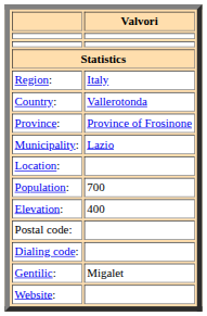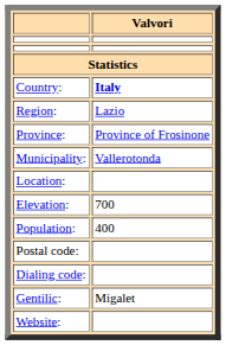 <table border="7" cellpadding="3" cellspacing="3"  bgcolor="#FFDEAD" style="float:right; margin-left:15px">
 <tr>
 <th></th>
 <th>Valvori</th>
 </tr>
 <tr --- bgcolor="#FFFFFF">
 <td align="center"></td>
 <th></th>
 </tr>
 <tr --- bgcolor="#FFFFFF">
 <th align="center"></th>
 <th align="center"></th>
 </tr>
 <tr>
 <th colspan="2">Statistics</th>
 </tr>
 <tr --- bgcolor="#FFFFFF">
-<td><a href='#'>Region</a>:</td>
-<td> <a href='#'>Italy</a></td>
+<td><a href='#'>Country</a>:</td>
+<td><strong> <a href='#'>Italy</a></strong></td>
 </tr>
 <tr --- bgcolor="#FFFFFF">
-<td><a href='#'>Country</a>:</td>
-<td> <a href='#'>Vallerotonda</a></td>
+<td><a href='#'>Region</a>:</td>
+<td> <a href='#'>Lazio</a></td>
 </tr>
 <tr --- bgcolor="#FFFFFF">
 <td><a href='#'>Province</a>:</td>
 <td><a href='#'>Province of Frosinone</a></td>
 </tr>
 <tr --- bgcolor="#FFFFFF">
 <td><a href='#'>Municipality</a>:</td>
-<td> <a href='#'>Lazio</a></td>
+<td> <a href='#'>Vallerotonda</a></td>
 </tr>
 <tr --- bgcolor="#FFFFFF" valign="top">
 <td><a href='#'>Location</a>:</td>
 <td></td>
 </tr>
 <tr --- bgcolor="#FFFFFF">
-<td><a href='#'>Population</a>:</td>
+<td><a href='#'>Elevation</a>:</td>
 <td>700</td>
 </tr>
 <tr --- bgcolor="#FFFFFF">
-<td><a href='#'>Elevation</a>:</td>
+<td><a href='#'>Population</a>:</td>
 <td>400</td>
 </tr>
 <tr --- bgcolor="#FFFFFF">
 <td>Postal code:</td>
 <td></td>
 </tr>
 <tr --- bgcolor="#FFFFFF">
 <td><a href='#'>Dialing code</a>:</td>
 <td></td>
 </tr>
 <tr --- bgcolor="#FFFFFF">
 <td><a href='#'>Gentilic</a>:</td>
 <td>Migalet</td>
 </tr>
 <tr --- bgcolor="#FFFFFF">
 <td><a href='#'>Website</a>:</td>
 <td><br></td>
 </tr>
 </table>
